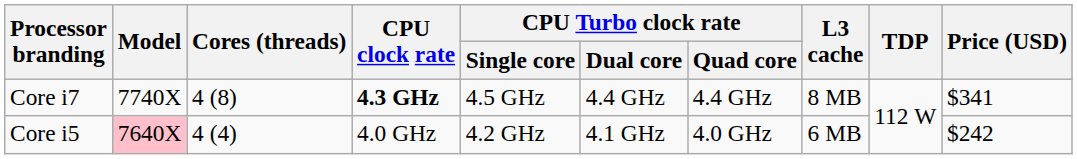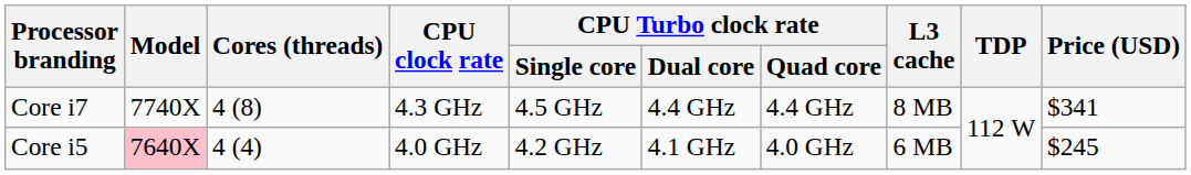 <table class="wikitable sortable">
 <tr>
 <th rowspan="2">Processor<br>branding</th>
 <th rowspan="2">Model</th>
 <th rowspan="2">Cores (threads)</th>
 <th rowspan="2">CPU<br><a href='#'>clock</a> <a href='#'>rate</a></th>
 <th colspan="3">CPU <a href='#'>Turbo</a> clock rate</th>
 <th rowspan="2">L3<br>cache</th>
 <th rowspan="2">TDP</th>
 <th rowspan="2">Price (USD)</th>
 </tr>
 <tr>
 <th>Single core</th>
 <th>Dual core</th>
 <th>Quad core</th>
 </tr>
 <tr>
 <td>Core i7</td>
 <td>7740X</td>
 <td>4 (8)</td>
-<td><strong>4.3 GHz</strong></td>
+<td>4.3 GHz</td>
 <td>4.5 GHz</td>
 <td>4.4 GHz</td>
 <td>4.4 GHz</td>
 <td>8 MB</td>
 <td rowspan="2">112 W</td>
 <td>$341</td>
 </tr>
 <tr>
 <td>Core i5</td>
 <td style="background: pink;">7640X</td>
 <td>4 (4)</td>
 <td>4.0 GHz</td>
 <td>4.2 GHz</td>
 <td>4.1 GHz</td>
 <td>4.0 GHz</td>
 <td>6 MB</td>
-<td>$242</td>
+<td>$245</td>
 </tr>
 </table>
